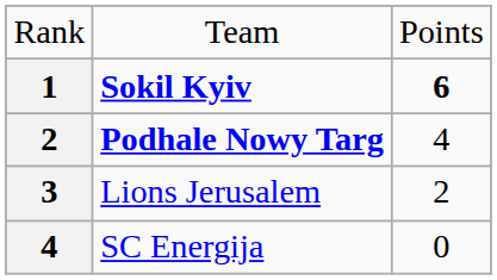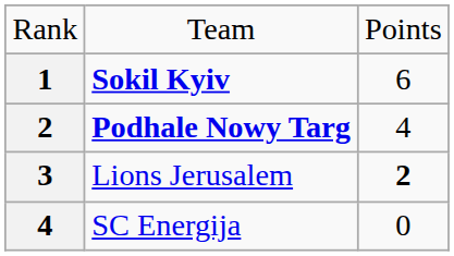 <table class="wikitable" style="text-align: center;">
 <tr>
 <td>Rank</td>
 <td>Team</td>
 <td>Points</td>
 </tr>
 <tr>
 <th>1</th>
 <td style="text-align: left;"> <strong><a href='#'>Sokil Kyiv</a></strong></td>
-<td><strong>6</strong></td>
+<td>6</td>
 </tr>
 <tr>
 <th>2</th>
 <td style="text-align: left;"> <strong><a href='#'>Podhale Nowy Targ</a></strong></td>
 <td>4</td>
 </tr>
 <tr>
 <th>3</th>
 <td style="text-align: left;"> <a href='#'>Lions Jerusalem</a></td>
-<td>2</td>
+<td><strong>2</strong></td>
 </tr>
 <tr>
 <th>4</th>
 <td style="text-align: left;"> <a href='#'>SC Energija</a></td>
 <td>0</td>
 </tr>
 </table>
